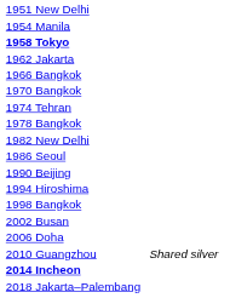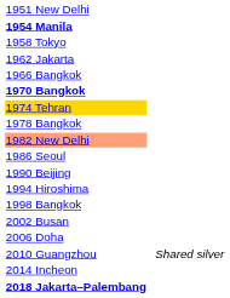 <table>
 <tr>
 <td><a href='#'>1951 New Delhi</a></td>
 <td></td>
 <td></td>
 <td></td>
 </tr>
 <tr>
-<td><a href='#'>1954 Manila</a></td>
+<td><strong><a href='#'>1954 Manila</a></strong></td>
 <td></td>
 <td></td>
 <td></td>
 </tr>
 <tr>
-<td><strong><a href='#'>1958 Tokyo</a></strong></td>
+<td><a href='#'>1958 Tokyo</a></td>
 <td></td>
 <td></td>
 <td></td>
 </tr>
 <tr>
 <td><a href='#'>1962 Jakarta</a></td>
 <td></td>
 <td></td>
 <td></td>
 </tr>
 <tr>
 <td><a href='#'>1966 Bangkok</a></td>
 <td></td>
 <td></td>
 <td></td>
 </tr>
 <tr>
-<td><a href='#'>1970 Bangkok</a></td>
+<td><strong><a href='#'>1970 Bangkok</a></strong></td>
 <td></td>
 <td></td>
 <td></td>
 </tr>
 <tr>
-<td><a href='#'>1974 Tehran</a></td>
+<td style="background: gold;"><a href='#'>1974 Tehran</a></td>
 <td></td>
 <td></td>
 <td></td>
 </tr>
 <tr>
 <td><a href='#'>1978 Bangkok</a></td>
 <td></td>
 <td></td>
 <td></td>
 </tr>
 <tr>
-<td><a href='#'>1982 New Delhi</a></td>
+<td style="background: lightsalmon;"><a href='#'>1982 New Delhi</a></td>
 <td></td>
 <td></td>
 <td></td>
 </tr>
 <tr>
 <td><a href='#'>1986 Seoul</a></td>
 <td></td>
 <td></td>
 <td></td>
 </tr>
 <tr>
 <td><a href='#'>1990 Beijing</a></td>
 <td></td>
 <td></td>
 <td></td>
 </tr>
 <tr>
 <td rowspan=2><a href='#'>1994 Hiroshima</a></td>
 <td rowspan=2></td>
 <td rowspan=2></td>
 <td></td>
 </tr>
 <tr>
 <td></td>
 </tr>
 <tr>
 <td><a href='#'>1998 Bangkok</a></td>
 <td></td>
 <td></td>
 <td></td>
 </tr>
 <tr>
 <td><a href='#'>2002 Busan</a></td>
 <td></td>
 <td></td>
 <td></td>
 </tr>
 <tr>
 <td><a href='#'>2006 Doha</a></td>
 <td></td>
 <td></td>
 <td></td>
 </tr>
 <tr>
 <td rowspan=2><a href='#'>2010 Guangzhou</a></td>
 <td rowspan=2></td>
 <td></td>
 <td rowspan=2><em>Shared silver</em></td>
 </tr>
 <tr>
 <td></td>
 </tr>
 <tr>
-<td><strong><a href='#'>2014 Incheon</a></strong></td>
+<td><a href='#'>2014 Incheon</a></td>
 <td></td>
 <td></td>
 <td></td>
 </tr>
 <tr>
-<td><a href='#'>2018 Jakarta–Palembang</a></td>
+<td><strong><a href='#'>2018 Jakarta–Palembang</a></strong></td>
 <td></td>
 <td></td>
 <td></td>
 </tr>
 </table>
